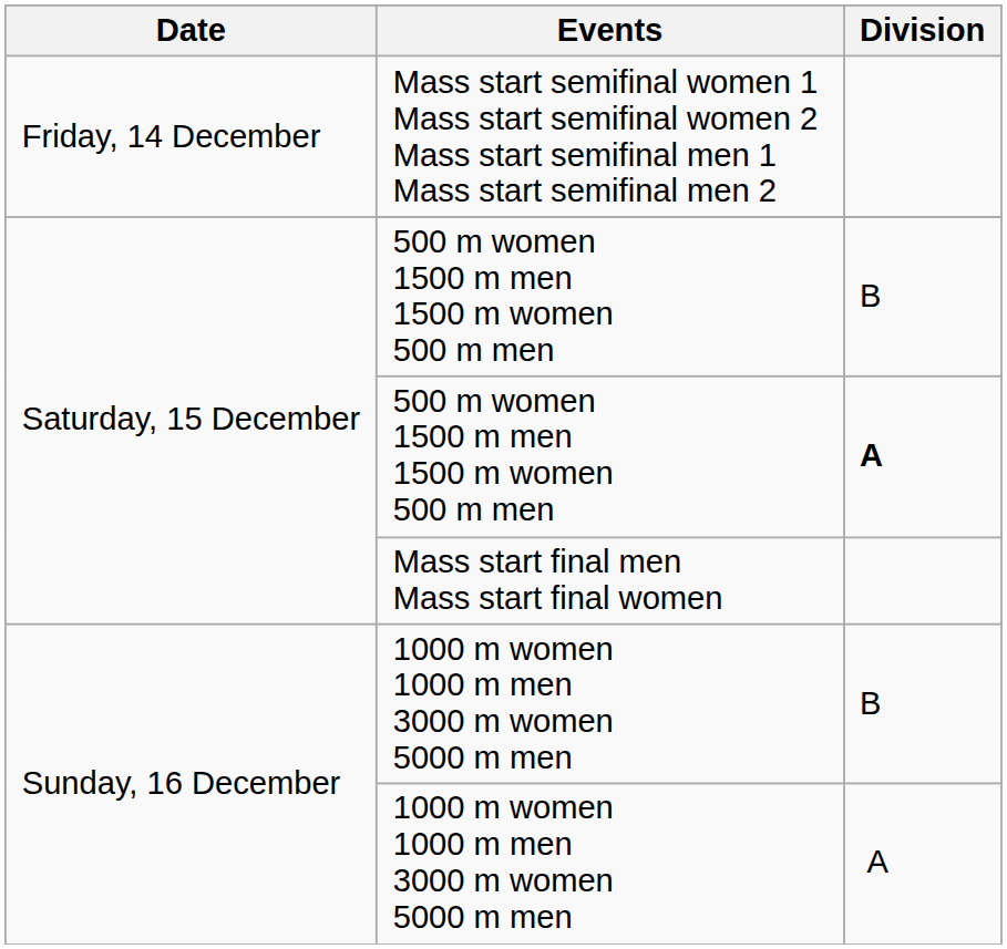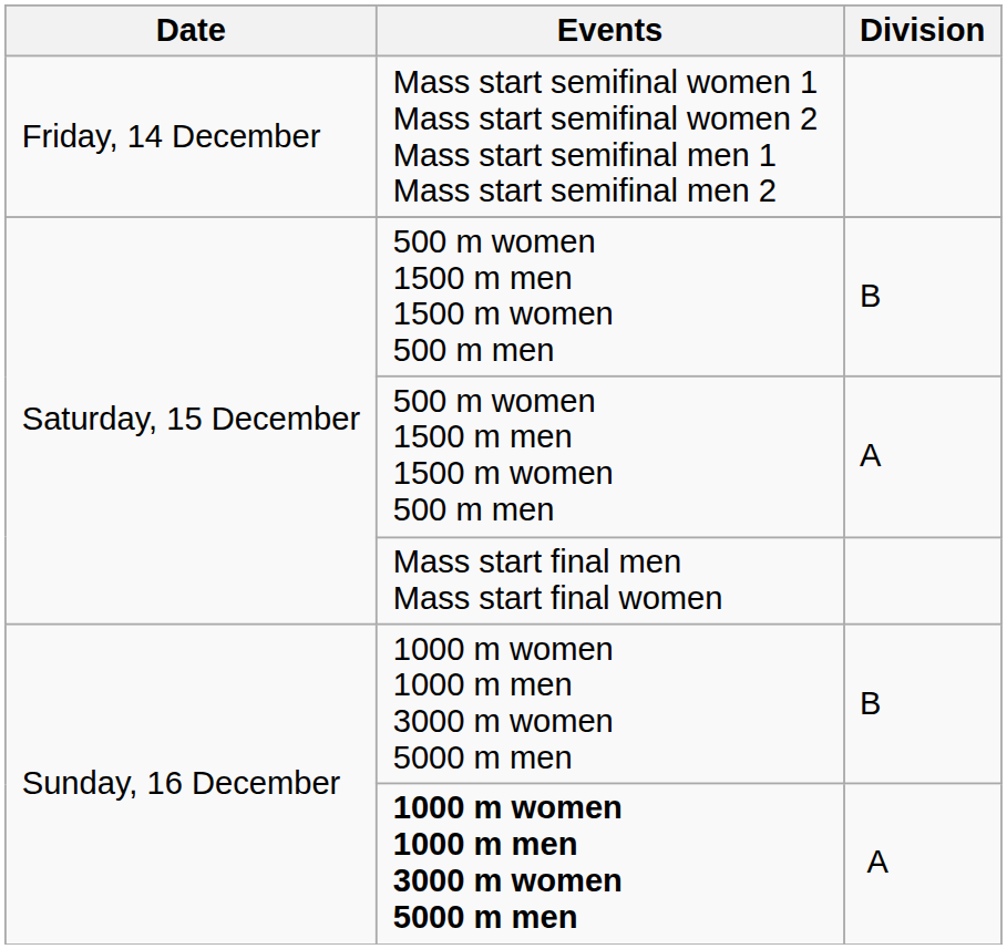 <table class="wikitable" border="1">
 <tr>
 <th> Date </th>
 <th> Events </th>
 <th> Division </th>
 </tr>
 <tr>
 <td rowspan=1> Friday, 14 December </td>
 <td> Mass start semifinal women 1   <br>  Mass start semifinal women 2   <br>  Mass start semifinal men 1   <br>  Mass start semifinal men 2  </td>
 <td></td>
 </tr>
 <tr>
 <td rowspan=4> Saturday, 15 December </td>
 </tr>
 <tr>
 <td> 500 m women   <br>  1500 m men <br> 1500 m women  <br> 500 m men  </td>
 <td> B </td>
 </tr>
 <tr>
 <td> 500 m women<br> 1500 m men <br>   1500 m women  <br> 500 m men <br></td>
-<td><strong> A </strong></td>
+<td> A </td>
 </tr>
 <tr>
 <td> Mass start final men  <br>  Mass start final women</td>
 <td></td>
 </tr>
 <tr>
 <td rowspan="2"> Sunday, 16  December </td>
 <td> 1000 m women <br> 1000 m men <br> 3000 m women <br> 5000 m men </td>
 <td> B </td>
 </tr>
 <tr>
-<td> 1000 m women <br> 1000 m men <br> 3000 m women <br> 5000 m men</td>
+<td><strong> 1000 m women <br> 1000 m men <br> 3000 m women <br> 5000 m men</strong></td>
 <td>  A </td>
 </tr>
 </table>
